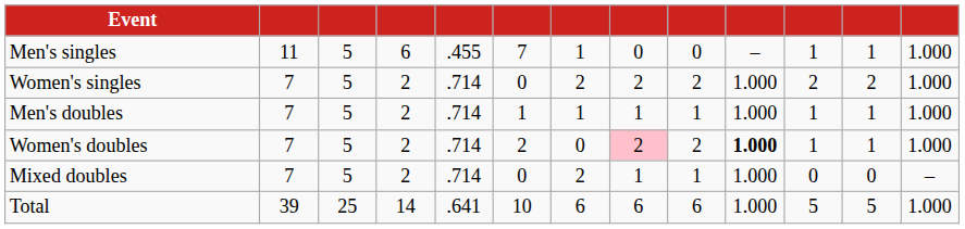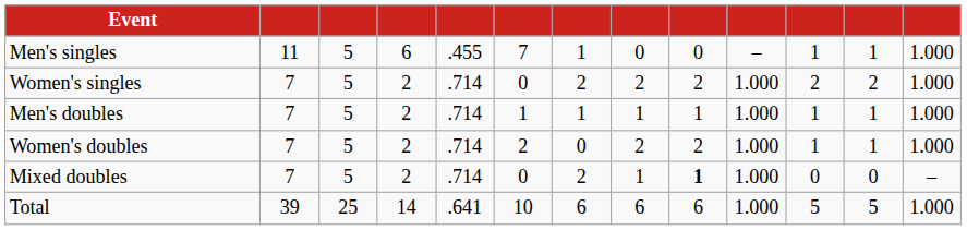 <table class="wikitable" style="text-align:center">
 <tr>
 <th style="background:#CD231F; color:white" width="200px">Event</th>
 <th style="background:#CD231F; color:white" width="40px"></th>
 <th style="background:#CD231F; color:white" width="40px"></th>
 <th style="background:#CD231F; color:white" width="40px"></th>
 <th style="background:#CD231F; color:white" width="40px"></th>
 <th style="background:#CD231F; color:white" width="40px"></th>
 <th style="background:#CD231F; color:white" width="40px"></th>
 <th style="background:#CD231F; color:white" width="40px"></th>
 <th style="background:#CD231F; color:white" width="40px"></th>
 <th style="background:#CD231F; color:white" width="40px"></th>
 <th style="background:#CD231F; color:white" width="40px"></th>
 <th style="background:#CD231F; color:white" width="40px"></th>
 <th style="background:#CD231F; color:white" width="40px"></th>
 </tr>
 <tr>
 <td style="text-align:left">Men's singles</td>
 <td>11</td>
 <td>5</td>
 <td>6</td>
 <td>.455</td>
 <td>7</td>
 <td>1</td>
 <td>0</td>
 <td>0</td>
 <td>–</td>
 <td>1</td>
 <td>1</td>
 <td>1.000</td>
 </tr>
 <tr>
 <td style="text-align:left">Women's singles</td>
 <td>7</td>
 <td>5</td>
 <td>2</td>
 <td>.714</td>
 <td>0</td>
 <td>2</td>
 <td>2</td>
 <td>2</td>
 <td>1.000</td>
 <td>2</td>
 <td>2</td>
 <td>1.000</td>
 </tr>
 <tr>
 <td style="text-align:left">Men's doubles</td>
 <td>7</td>
 <td>5</td>
 <td>2</td>
 <td>.714</td>
 <td>1</td>
 <td>1</td>
 <td>1</td>
 <td>1</td>
 <td>1.000</td>
 <td>1</td>
 <td>1</td>
 <td>1.000</td>
 </tr>
 <tr>
 <td style="text-align:left">Women's doubles</td>
 <td>7</td>
 <td>5</td>
 <td>2</td>
 <td>.714</td>
 <td>2</td>
 <td>0</td>
-<td style="background: pink;">2</td>
 <td>2</td>
-<td><strong>1.000</strong></td>
+<td>2</td>
+<td>1.000</td>
 <td>1</td>
 <td>1</td>
 <td>1.000</td>
 </tr>
 <tr>
 <td style="text-align:left">Mixed doubles</td>
 <td>7</td>
 <td>5</td>
 <td>2</td>
 <td>.714</td>
 <td>0</td>
 <td>2</td>
 <td>1</td>
-<td>1</td>
+<td><strong>1</strong></td>
 <td>1.000</td>
 <td>0</td>
 <td>0</td>
 <td>–</td>
 </tr>
 <tr>
 <td style="text-align:left">Total</td>
 <td>39</td>
 <td>25</td>
 <td>14</td>
 <td>.641</td>
 <td>10</td>
 <td>6</td>
 <td>6</td>
 <td>6</td>
 <td>1.000</td>
 <td>5</td>
 <td>5</td>
 <td>1.000</td>
 </tr>
 </table>
